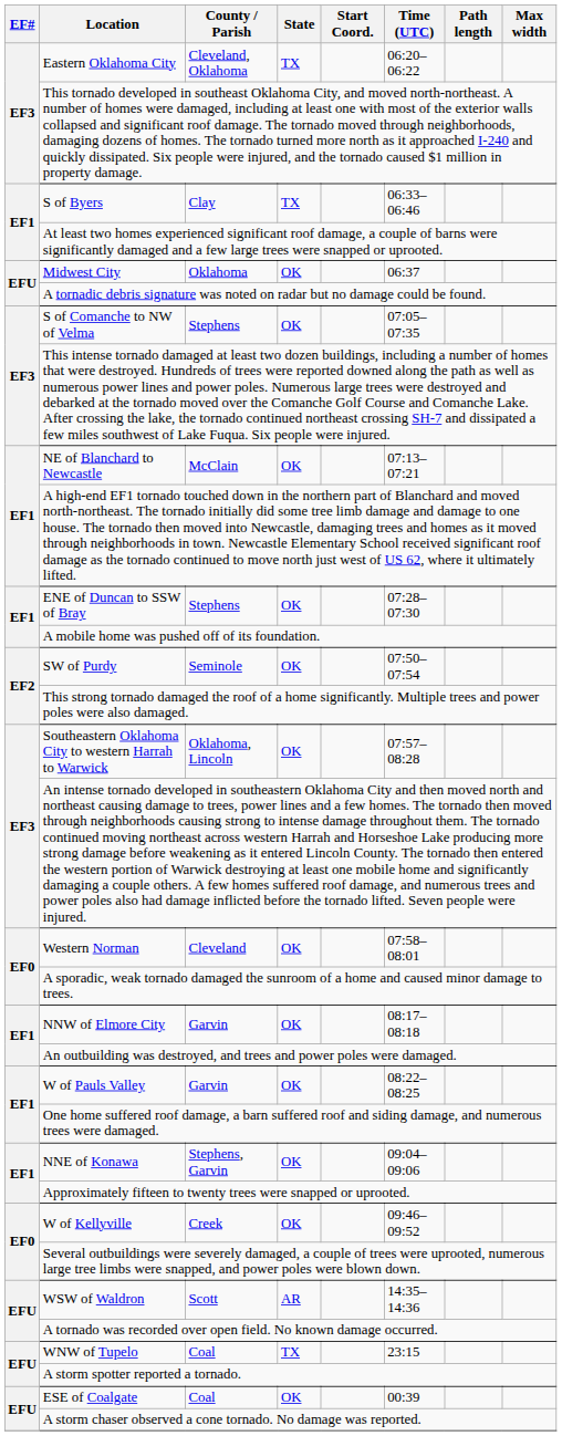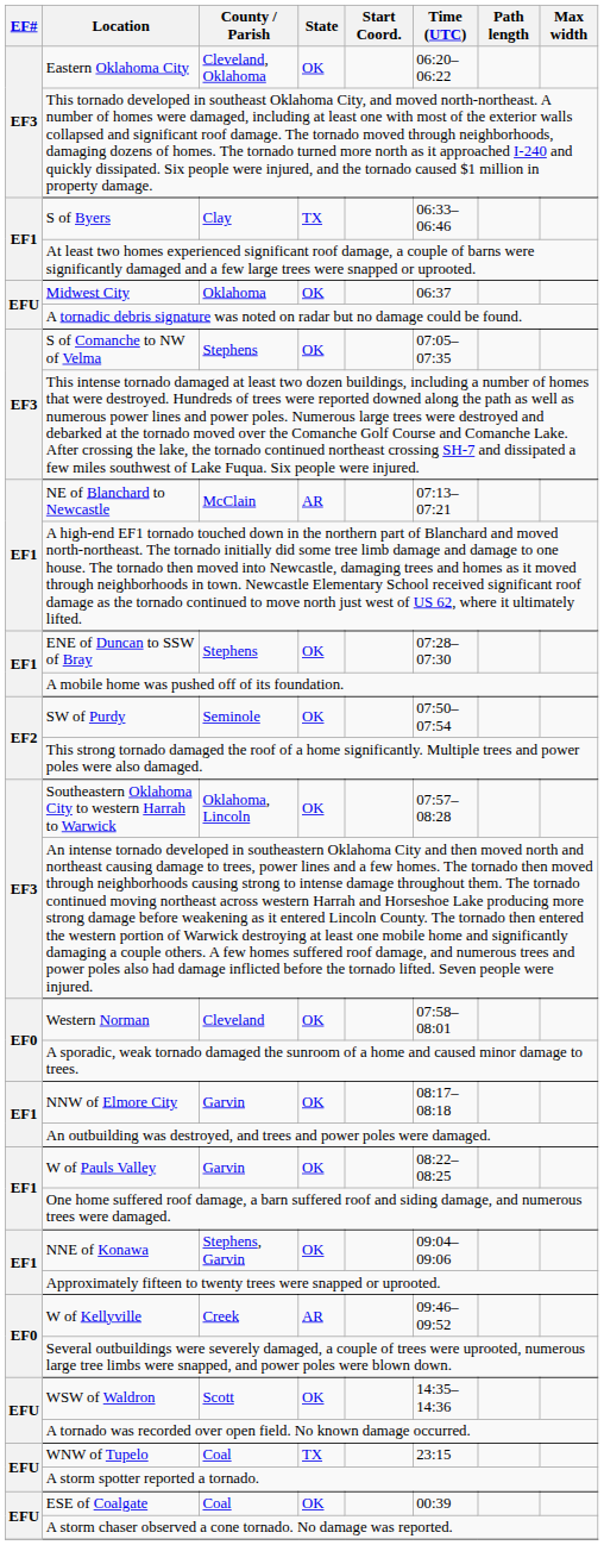 <table class="wikitable sortable" style="width:100%;">
 <tr>
 <th scope="col" width="2%" align="center"><a href='#'>EF#</a></th>
 <th scope="col" align="center" class="unsortable">Location</th>
 <th scope="col" align="center" class="unsortable">County / Parish</th>
 <th scope="col" align="center">State</th>
 <th scope="col" align="center">Start Coord.</th>
 <th scope="col" align="center">Time (<a href='#'>UTC</a>)</th>
 <th scope="col" align="center">Path length</th>
 <th scope="col" align="center">Max width</th>
 </tr>
 <tr>
 <th scope="row" rowspan="2" style="background-color:#">EF3</th>
 <td>Eastern <a href='#'>Oklahoma City</a></td>
 <td><a href='#'>Cleveland</a>, <a href='#'>Oklahoma</a></td>
-<td><a href='#'>TX</a></td>
+<td><a href='#'>OK</a></td>
 <td></td>
 <td>06:20–06:22</td>
 <td></td>
 <td></td>
 </tr>
 <tr class="expand-child">
 <td colspan="8" style=" border-bottom: 1px solid black;">This tornado developed in southeast Oklahoma City, and moved north-northeast. A number of homes were damaged, including at least one with most of the exterior walls collapsed and significant roof damage. The tornado moved through neighborhoods, damaging dozens of homes. The tornado turned more north as it approached <a href='#'>I-240</a> and quickly dissipated. Six people were injured, and the tornado caused $1 million in property damage.</td>
 </tr>
 <tr>
 <th scope="row" rowspan="2" style="background-color:#">EF1</th>
 <td>S of <a href='#'>Byers</a></td>
 <td><a href='#'>Clay</a></td>
 <td><a href='#'>TX</a></td>
 <td></td>
 <td>06:33–06:46</td>
 <td></td>
 <td></td>
 </tr>
 <tr class="expand-child">
 <td colspan="8" style=" border-bottom: 1px solid black;">At least two homes experienced significant roof damage, a couple of barns were significantly damaged and a few large trees were snapped or uprooted.</td>
 </tr>
 <tr>
 <th scope="row" rowspan="2" style="background-color:#">EFU</th>
 <td><a href='#'>Midwest City</a></td>
 <td><a href='#'>Oklahoma</a></td>
 <td><a href='#'>OK</a></td>
 <td></td>
 <td>06:37</td>
 <td></td>
 <td></td>
 </tr>
 <tr class="expand-child">
 <td colspan="8" style=" border-bottom: 1px solid black;">A <a href='#'>tornadic debris signature</a> was noted on radar but no damage could be found.</td>
 </tr>
 <tr>
 <th scope="row" rowspan="2" style="background-color:#">EF3</th>
 <td>S of <a href='#'>Comanche</a> to NW of <a href='#'>Velma</a></td>
 <td><a href='#'>Stephens</a></td>
 <td><a href='#'>OK</a></td>
 <td></td>
 <td>07:05–07:35</td>
 <td></td>
 <td></td>
 </tr>
 <tr class="expand-child">
 <td colspan="8" style=" border-bottom: 1px solid black;">This intense tornado damaged at least two dozen buildings, including a number of homes that were destroyed. Hundreds of trees were reported downed along the path as well as numerous power lines and power poles. Numerous large trees were destroyed and debarked at the tornado moved over the Comanche Golf Course and Comanche Lake. After crossing the lake, the tornado continued northeast crossing <a href='#'>SH-7</a> and dissipated a few miles southwest of Lake Fuqua. Six people were injured.</td>
 </tr>
 <tr>
 <th scope="row" rowspan="2" style="background-color:#">EF1</th>
 <td>NE of <a href='#'>Blanchard</a> to <a href='#'>Newcastle</a></td>
 <td><a href='#'>McClain</a></td>
-<td><a href='#'>OK</a></td>
+<td><a href='#'>AR</a></td>
 <td></td>
 <td>07:13–07:21</td>
 <td></td>
 <td></td>
 </tr>
 <tr class="expand-child">
 <td colspan="8" style=" border-bottom: 1px solid black;">A high-end EF1 tornado touched down in the northern part of Blanchard and moved north-northeast. The tornado initially did some tree limb damage and damage to one house. The tornado then moved into Newcastle, damaging trees and homes as it moved through neighborhoods in town. Newcastle Elementary School received significant roof damage as the tornado continued to move north just west of <a href='#'>US 62</a>, where it ultimately lifted.</td>
 </tr>
 <tr>
 <th scope="row" rowspan="2" style="background-color:#">EF1</th>
 <td>ENE of <a href='#'>Duncan</a> to SSW of <a href='#'>Bray</a></td>
 <td><a href='#'>Stephens</a></td>
 <td><a href='#'>OK</a></td>
 <td></td>
 <td>07:28–07:30</td>
 <td></td>
 <td></td>
 </tr>
 <tr class="expand-child">
 <td colspan="8" style=" border-bottom: 1px solid black;">A mobile home was pushed off of its foundation.</td>
 </tr>
 <tr>
 <th scope="row" rowspan="2" style="background-color:#">EF2</th>
 <td>SW of <a href='#'>Purdy</a></td>
 <td><a href='#'>Seminole</a></td>
 <td><a href='#'>OK</a></td>
 <td></td>
 <td>07:50–07:54</td>
 <td></td>
 <td></td>
 </tr>
 <tr class="expand-child">
 <td colspan="8" style=" border-bottom: 1px solid black;">This strong tornado damaged the roof of a home significantly. Multiple trees and power poles were also damaged.</td>
 </tr>
 <tr>
 <th scope="row" rowspan="2" style="background-color:#">EF3</th>
 <td>Southeastern <a href='#'>Oklahoma City</a> to western <a href='#'>Harrah</a> to <a href='#'>Warwick</a></td>
 <td><a href='#'>Oklahoma</a>, <a href='#'>Lincoln</a></td>
 <td><a href='#'>OK</a></td>
 <td></td>
 <td>07:57–08:28</td>
 <td></td>
 <td></td>
 </tr>
 <tr class="expand-child">
 <td colspan="8" style=" border-bottom: 1px solid black;">An intense tornado developed in southeastern Oklahoma City and then moved north and northeast causing damage to trees, power lines and a few homes. The tornado then moved through neighborhoods causing strong to intense damage throughout them. The tornado continued moving northeast across western Harrah and Horseshoe Lake producing more strong damage before weakening as it entered Lincoln County.  The tornado then entered the western portion of Warwick destroying at least one mobile home and significantly damaging a couple others. A few homes suffered roof damage, and numerous trees and power poles also had damage inflicted before the tornado lifted. Seven people were injured.</td>
 </tr>
 <tr>
 <th scope="row" rowspan="2" style="background-color:#">EF0</th>
 <td>Western <a href='#'>Norman</a></td>
 <td><a href='#'>Cleveland</a></td>
 <td><a href='#'>OK</a></td>
 <td></td>
 <td>07:58–08:01</td>
 <td></td>
 <td></td>
 </tr>
 <tr class="expand-child">
 <td colspan="8" style=" border-bottom: 1px solid black;">A sporadic, weak tornado damaged the sunroom of a home and caused minor damage to trees.</td>
 </tr>
 <tr>
 <th scope="row" rowspan="2" style="background-color:#">EF1</th>
 <td>NNW of <a href='#'>Elmore City</a></td>
 <td><a href='#'>Garvin</a></td>
 <td><a href='#'>OK</a></td>
 <td></td>
 <td>08:17–08:18</td>
 <td></td>
 <td></td>
 </tr>
 <tr class="expand-child">
 <td colspan="8" style=" border-bottom: 1px solid black;">An outbuilding was destroyed, and trees and power poles were damaged.</td>
 </tr>
 <tr>
 <th scope="row" rowspan="2" style="background-color:#">EF1</th>
 <td>W of <a href='#'>Pauls Valley</a></td>
 <td><a href='#'>Garvin</a></td>
 <td><a href='#'>OK</a></td>
 <td></td>
 <td>08:22–08:25</td>
 <td></td>
 <td></td>
 </tr>
 <tr class="expand-child">
 <td colspan="8" style=" border-bottom: 1px solid black;">One home suffered roof damage, a barn suffered roof and siding damage, and numerous trees were damaged.</td>
 </tr>
 <tr>
 <th scope="row" rowspan="2" style="background-color:#">EF1</th>
 <td>NNE of <a href='#'>Konawa</a></td>
 <td><a href='#'>Stephens</a>, <a href='#'>Garvin</a></td>
 <td><a href='#'>OK</a></td>
 <td></td>
 <td>09:04–09:06</td>
 <td></td>
 <td></td>
 </tr>
 <tr class="expand-child">
 <td colspan="8" style=" border-bottom: 1px solid black;">Approximately fifteen to twenty trees were snapped or uprooted.</td>
 </tr>
 <tr>
 <th scope="row" rowspan="2" style="background-color:#">EF0</th>
 <td>W of <a href='#'>Kellyville</a></td>
 <td><a href='#'>Creek</a></td>
-<td><a href='#'>OK</a></td>
+<td><a href='#'>AR</a></td>
 <td></td>
 <td>09:46–09:52</td>
 <td></td>
 <td></td>
 </tr>
 <tr class="expand-child">
 <td colspan="8" style=" border-bottom: 1px solid black;">Several outbuildings were severely damaged, a couple of trees were uprooted, numerous large tree limbs were snapped, and power poles were blown down.</td>
 </tr>
 <tr>
 <th scope="row" rowspan="2" style="background-color:#">EFU</th>
 <td>WSW of <a href='#'>Waldron</a></td>
 <td><a href='#'>Scott</a></td>
-<td><a href='#'>AR</a></td>
+<td><a href='#'>OK</a></td>
 <td></td>
 <td>14:35–14:36</td>
 <td></td>
 <td></td>
 </tr>
 <tr class="expand-child">
 <td colspan="8" style=" border-bottom: 1px solid black;">A tornado was recorded over open field. No known damage occurred.</td>
 </tr>
 <tr>
 <th scope="row" rowspan="2" style="background-color:#">EFU</th>
 <td>WNW of <a href='#'>Tupelo</a></td>
 <td><a href='#'>Coal</a></td>
 <td><a href='#'>TX</a></td>
 <td></td>
 <td>23:15</td>
 <td></td>
 <td></td>
 </tr>
 <tr class="expand-child">
 <td colspan="8" style=" border-bottom: 1px solid black;">A storm spotter reported a tornado.</td>
 </tr>
 <tr>
 <th scope="row" rowspan="2" style="background-color:#">EFU</th>
 <td>ESE of <a href='#'>Coalgate</a></td>
 <td><a href='#'>Coal</a></td>
 <td><a href='#'>OK</a></td>
 <td></td>
 <td>00:39</td>
 <td></td>
 <td></td>
 </tr>
 <tr class="expand-child">
 <td colspan="8" style=" border-bottom: 1px solid black;">A storm chaser observed a cone tornado. No damage was reported.</td>
 </tr>
 <tr>
 </tr>
 </table>
